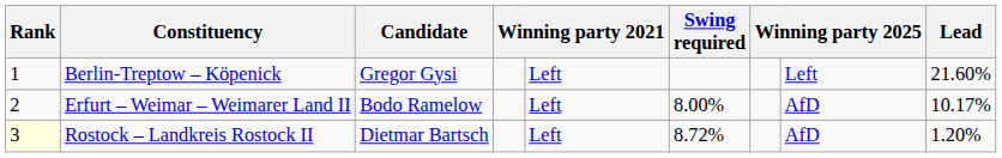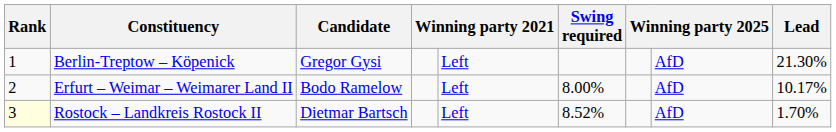 <table class="wikitable sortable">
 <tr>
 <th>Rank</th>
 <th>Constituency</th>
 <th>Candidate</th>
 <th colspan="2">Winning party 2021</th>
 <th><a href='#'>Swing</a> <br>required</th>
 <th colspan="2">Winning party 2025</th>
 <th>Lead</th>
 </tr>
 <tr>
 <td>1</td>
 <td><a href='#'>Berlin-Treptow – Köpenick</a></td>
 <td><a href='#'>Gregor Gysi</a></td>
 <td class="unsortable" style="background-color: "></td>
 <td><a href='#'>Left</a></td>
 <td></td>
 <td class="unsortable" style="background-color: "></td>
-<td><a href='#'>Left</a></td>
-<td>21.60%</td>
+<td><a href='#'>AfD</a></td>
+<td>21.30%</td>
 </tr>
 <tr>
 <td>2</td>
 <td><a href='#'>Erfurt – Weimar – Weimarer Land II</a></td>
 <td><a href='#'>Bodo Ramelow</a></td>
 <td class="unsortable" style="background-color: "></td>
 <td><a href='#'>Left</a></td>
 <td>8.00%</td>
 <td class="unsortable" style="background-color: "></td>
 <td><a href='#'>AfD</a></td>
 <td>10.17%</td>
 </tr>
 <tr>
 <td style="background: lightyellow;">3</td>
 <td><a href='#'>Rostock – Landkreis Rostock II</a></td>
 <td><a href='#'>Dietmar Bartsch</a></td>
 <td class="unsortable" style="background-color: "></td>
 <td><a href='#'>Left</a></td>
-<td>8.72%</td>
+<td>8.52%</td>
 <td class="unsortable" style="background-color: "></td>
 <td><a href='#'>AfD</a></td>
-<td>1.20%</td>
+<td>1.70%</td>
 </tr>
 </table>
